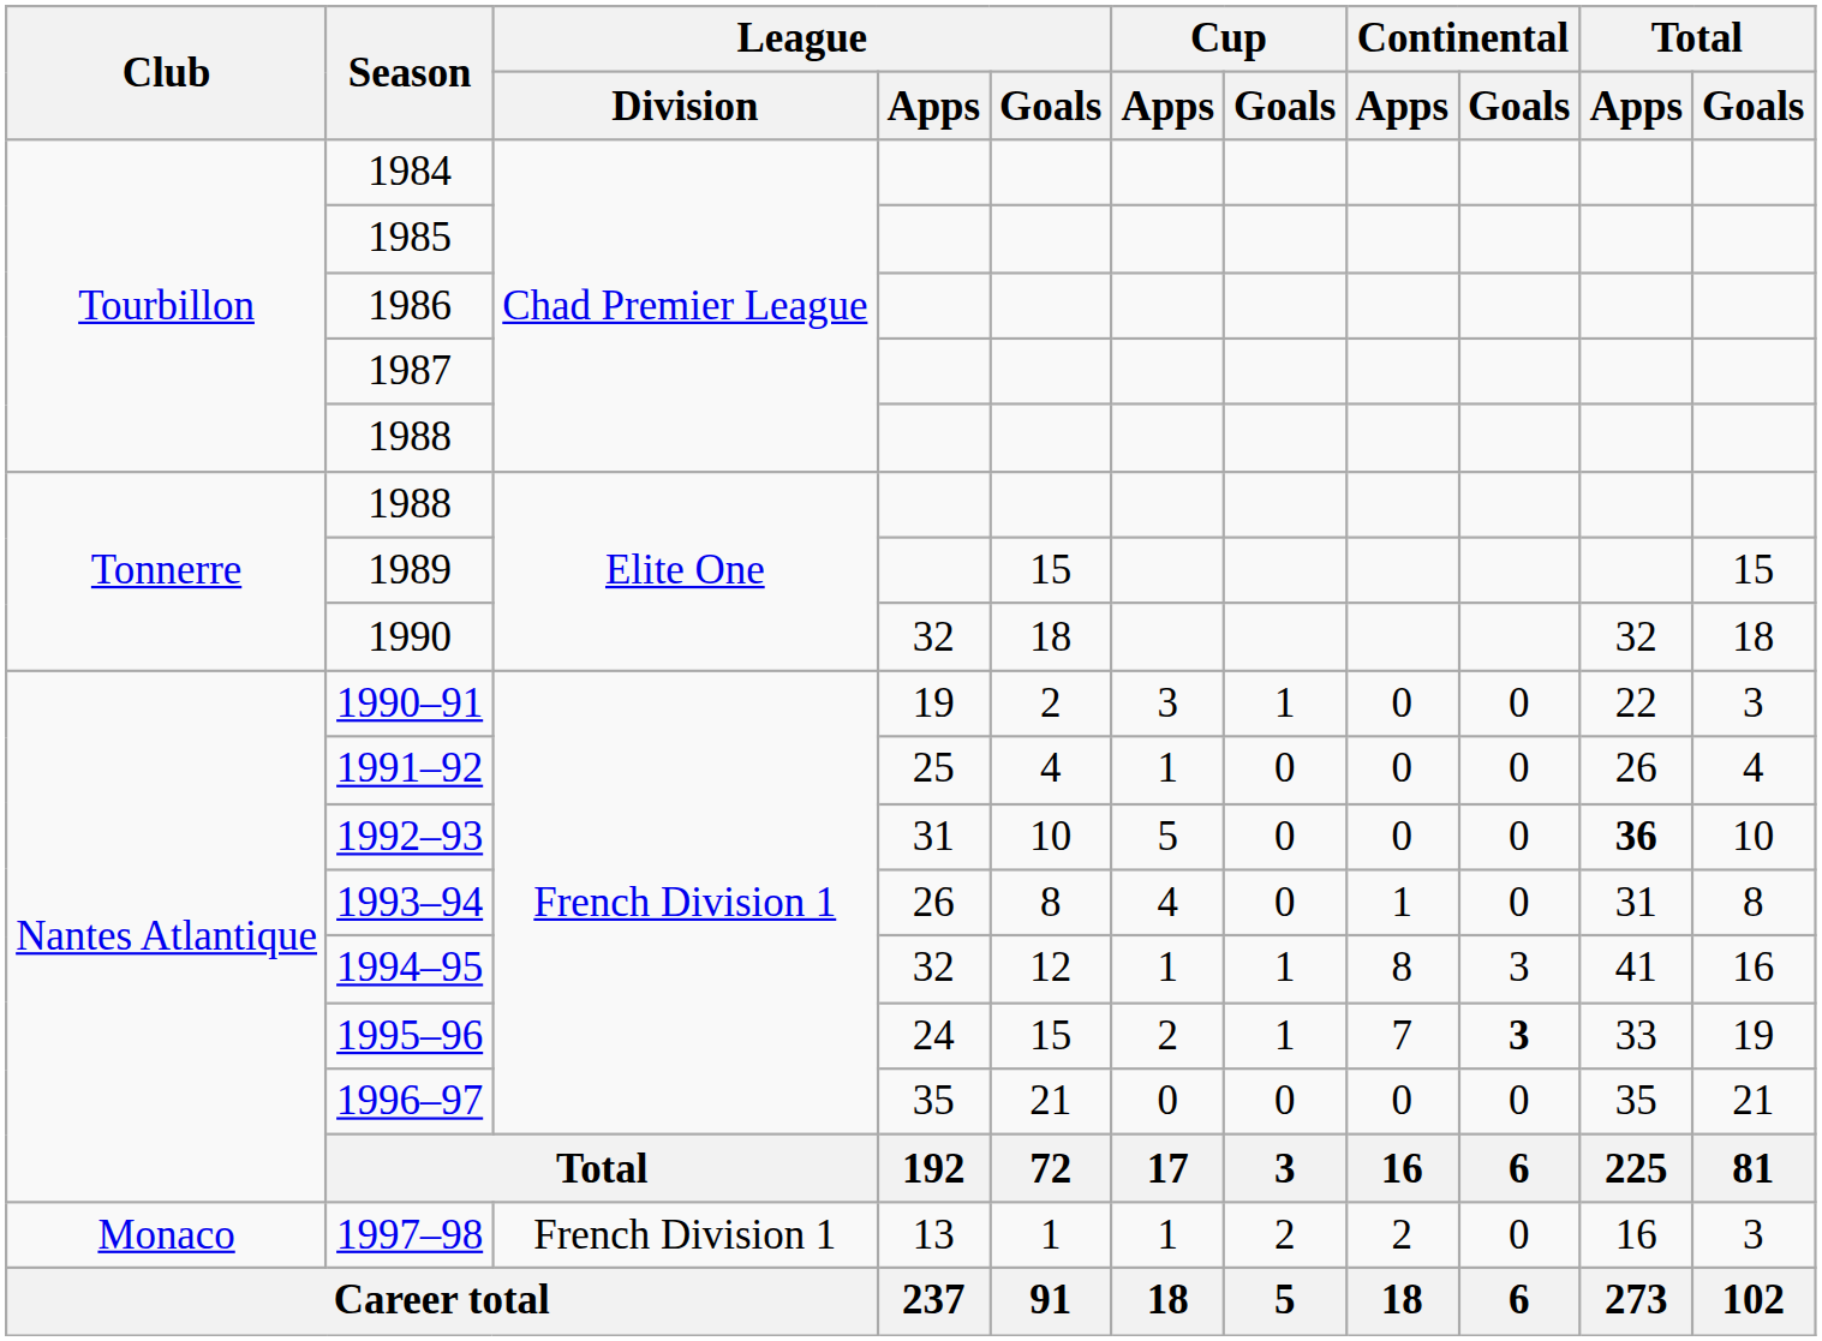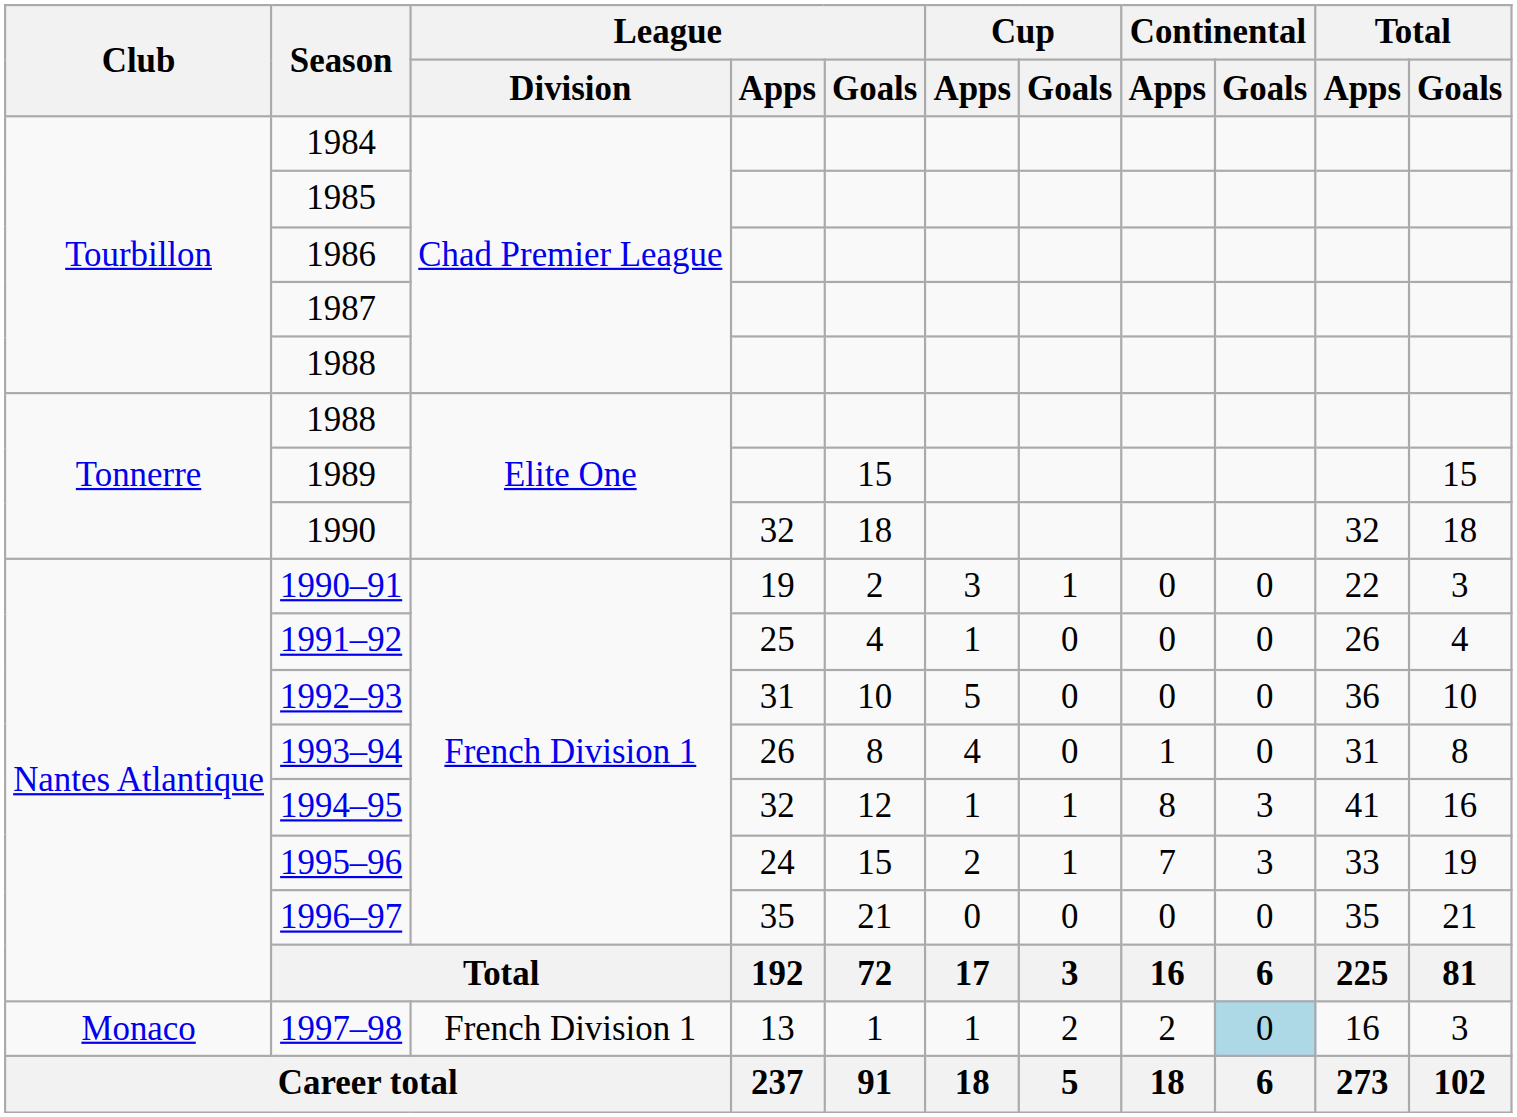 <table class="wikitable" style="text-align:center">
 <tr>
 <th rowspan="2">Club</th>
 <th rowspan="2">Season</th>
 <th colspan="3">League</th>
 <th colspan="2">Cup</th>
 <th colspan="2">Continental</th>
 <th colspan="2">Total</th>
 </tr>
 <tr>
 <th>Division</th>
 <th>Apps</th>
 <th>Goals</th>
 <th>Apps</th>
 <th>Goals</th>
 <th>Apps</th>
 <th>Goals</th>
 <th>Apps</th>
 <th>Goals</th>
 </tr>
 <tr>
 <td rowspan="5"><a href='#'>Tourbillon</a></td>
 <td>1984</td>
 <td rowspan="5"><a href='#'>Chad Premier League</a></td>
 <td></td>
 <td></td>
 <td></td>
 <td></td>
 <td></td>
 <td></td>
 <td></td>
 <td></td>
 </tr>
 <tr>
 <td>1985</td>
 <td></td>
 <td></td>
 <td></td>
 <td></td>
 <td></td>
 <td></td>
 <td></td>
 <td></td>
 </tr>
 <tr>
 <td>1986</td>
 <td></td>
 <td></td>
 <td></td>
 <td></td>
 <td></td>
 <td></td>
 <td></td>
 <td></td>
 </tr>
 <tr>
 <td>1987</td>
 <td></td>
 <td></td>
 <td></td>
 <td></td>
 <td></td>
 <td></td>
 <td></td>
 <td></td>
 </tr>
 <tr>
 <td>1988</td>
 <td></td>
 <td></td>
 <td></td>
 <td></td>
 <td></td>
 <td></td>
 <td></td>
 <td></td>
 </tr>
 <tr>
 <td rowspan="3"><a href='#'>Tonnerre</a></td>
 <td>1988</td>
 <td rowspan="3"><a href='#'>Elite One</a></td>
 <td></td>
 <td></td>
 <td></td>
 <td></td>
 <td></td>
 <td></td>
 <td></td>
 <td></td>
 </tr>
 <tr>
 <td>1989</td>
 <td></td>
 <td>15</td>
 <td></td>
 <td></td>
 <td></td>
 <td></td>
 <td></td>
 <td>15</td>
 </tr>
 <tr>
 <td>1990</td>
 <td>32</td>
 <td>18</td>
 <td></td>
 <td></td>
 <td></td>
 <td></td>
 <td>32</td>
 <td>18</td>
 </tr>
 <tr>
 <td rowspan="8"><a href='#'>Nantes Atlantique</a></td>
 <td><a href='#'>1990–91</a></td>
 <td rowspan="7"><a href='#'>French Division 1</a></td>
 <td>19</td>
 <td>2</td>
 <td>3</td>
 <td>1</td>
 <td>0</td>
 <td>0</td>
 <td>22</td>
 <td>3</td>
 </tr>
 <tr>
 <td><a href='#'>1991–92</a></td>
 <td>25</td>
 <td>4</td>
 <td>1</td>
 <td>0</td>
 <td>0</td>
 <td>0</td>
 <td>26</td>
 <td>4</td>
 </tr>
 <tr>
 <td><a href='#'>1992–93</a></td>
 <td>31</td>
 <td>10</td>
 <td>5</td>
 <td>0</td>
 <td>0</td>
 <td>0</td>
-<td><strong>36</strong></td>
+<td>36</td>
 <td>10</td>
 </tr>
 <tr>
 <td><a href='#'>1993–94</a></td>
 <td>26</td>
 <td>8</td>
 <td>4</td>
 <td>0</td>
 <td>1</td>
 <td>0</td>
 <td>31</td>
 <td>8</td>
 </tr>
 <tr>
 <td><a href='#'>1994–95</a></td>
 <td>32</td>
 <td>12</td>
 <td>1</td>
 <td>1</td>
 <td>8</td>
 <td>3</td>
 <td>41</td>
 <td>16</td>
 </tr>
 <tr>
 <td><a href='#'>1995–96</a></td>
 <td>24</td>
 <td>15</td>
 <td>2</td>
 <td>1</td>
 <td>7</td>
-<td><strong>3</strong></td>
+<td>3</td>
 <td>33</td>
 <td>19</td>
 </tr>
 <tr>
 <td><a href='#'>1996–97</a></td>
 <td>35</td>
 <td>21</td>
 <td>0</td>
 <td>0</td>
 <td>0</td>
 <td>0</td>
 <td>35</td>
 <td>21</td>
 </tr>
 <tr>
 <th colspan="2">Total</th>
 <th>192</th>
 <th>72</th>
 <th>17</th>
 <th>3</th>
 <th>16</th>
 <th>6</th>
 <th>225</th>
 <th>81</th>
 </tr>
 <tr>
 <td><a href='#'>Monaco</a></td>
 <td><a href='#'>1997–98</a></td>
 <td>French Division 1</td>
 <td>13</td>
 <td>1</td>
 <td>1</td>
 <td>2</td>
 <td>2</td>
-<td>0</td>
+<td style="background: lightblue;">0</td>
 <td>16</td>
 <td>3</td>
 </tr>
 <tr>
 <th colspan="3">Career total</th>
 <th>237</th>
 <th>91</th>
 <th>18</th>
 <th>5</th>
 <th>18</th>
 <th>6</th>
 <th>273</th>
 <th>102</th>
 </tr>
 </table>
